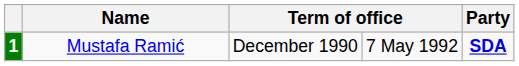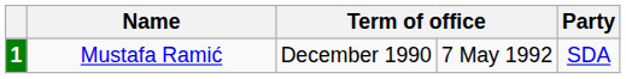 <table class="wikitable" style="text-align:center">
 <tr>
 <th></th>
 <th width=180>Name<br></th>
 <th colspan=2>Term of office</th>
 <th>Party</th>
 </tr>
 <tr>
 <th style="background:green; color:white;">1</th>
 <td><a href='#'>Mustafa Ramić</a></td>
 <td>December 1990</td>
 <td>7 May 1992</td>
-<td><strong><a href='#'>SDA</a></strong></td>
+<td><a href='#'>SDA</a></td>
 </tr>
 </table>
